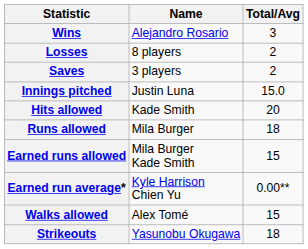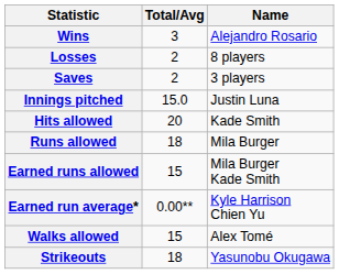 <table class="wikitable plainrowheaders">
 <tr>
 <th scope="col">Statistic</th>
+<th scope="col">Total/Avg</th>
 <th scope="col">Name</th>
-<th scope="col">Total/Avg</th>
 </tr>
 <tr>
 <th scope="row"><a href='#'>Wins</a></th>
+<td align=center>3</td>
 <td> <a href='#'>Alejandro Rosario</a></td>
-<td align=center>3</td>
 </tr>
 <tr>
 <th scope="row"><a href='#'>Losses</a></th>
+<td align=center>2</td>
 <td>8 players</td>
-<td align=center>2</td>
 </tr>
 <tr>
 <th scope="row"><a href='#'>Saves</a></th>
+<td align=center>2</td>
 <td>3 players</td>
-<td align=center>2</td>
 </tr>
 <tr>
 <th scope="row"><a href='#'>Innings pitched</a></th>
+<td align=center>15.0</td>
 <td> Justin Luna</td>
-<td align=center>15.0</td>
 </tr>
 <tr>
 <th scope="row"><a href='#'>Hits allowed</a></th>
+<td align=center>20</td>
 <td> Kade Smith</td>
-<td align=center>20</td>
 </tr>
 <tr>
 <th scope="row"><a href='#'>Runs allowed</a></th>
+<td align=center>18</td>
 <td> Mila Burger</td>
-<td align=center>18</td>
 </tr>
 <tr>
 <th scope="row"><a href='#'>Earned runs allowed</a></th>
+<td align=center>15</td>
 <td> Mila Burger<br> Kade Smith</td>
-<td align=center>15</td>
 </tr>
 <tr>
 <th scope="row"><a href='#'>Earned run average</a>*</th>
+<td align=center>0.00**</td>
 <td> <a href='#'>Kyle Harrison</a><br> Chien Yu</td>
-<td align=center>0.00**</td>
 </tr>
 <tr>
 <th scope="row"><a href='#'>Walks allowed</a></th>
+<td align=center>15</td>
 <td> Alex Tomé</td>
-<td align=center>15</td>
 </tr>
 <tr>
 <th scope="row"><a href='#'>Strikeouts</a></th>
+<td align=center>18</td>
 <td> <a href='#'>Yasunobu Okugawa</a></td>
-<td align=center>18</td>
 </tr>
 </table>
